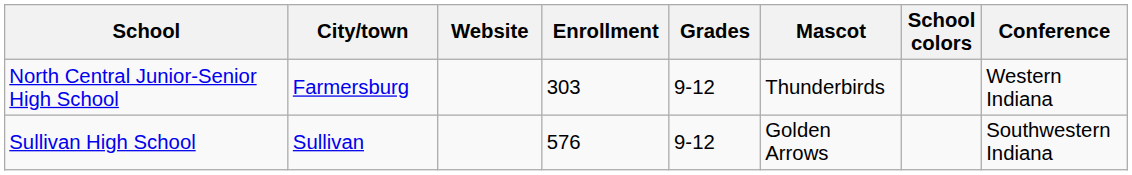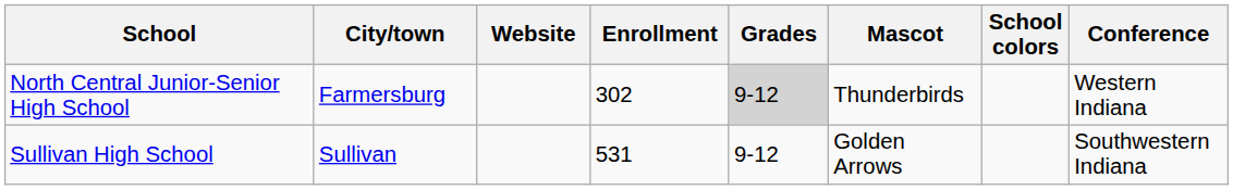 <table class="wikitable sortable" width="70%">
 <tr>
 <th width="20%">School</th>
 <th width="08%">City/town</th>
 <th width="06%">Website</th>
 <th width="04%">Enrollment</th>
 <th width="04%">Grades</th>
 <th width="04%">Mascot</th>
 <th width=01%>School colors</th>
 <th width="04%">Conference</th>
 </tr>
 <tr>
 <td><a href='#'>North Central Junior-Senior High School</a></td>
 <td><a href='#'>Farmersburg</a></td>
 <td></td>
-<td>303</td>
-<td>9-12</td>
+<td>302</td>
+<td style="background: lightgrey;">9-12</td>
 <td>Thunderbirds</td>
 <td>  </td>
 <td>Western Indiana</td>
 </tr>
 <tr>
 <td><a href='#'>Sullivan High School</a></td>
 <td><a href='#'>Sullivan</a></td>
 <td></td>
-<td>576</td>
+<td>531</td>
 <td>9-12</td>
 <td>Golden Arrows</td>
 <td> </td>
 <td>Southwestern Indiana</td>
 </tr>
 </table>
